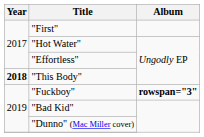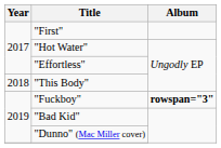 <table class="wikitable">
 <tr>
 <th>Year</th>
 <th>Title</th>
 <th>Album</th>
 </tr>
 <tr>
 <td rowspan="3">2017</td>
 <td>"First"</td>
 <td></td>
 </tr>
 <tr>
 <td>"Hot Water"</td>
 <td rowspan="3"><em>Ungodly</em> EP</td>
 </tr>
 <tr>
 <td>"Effortless"</td>
 </tr>
 <tr>
-<td><strong>2018</strong></td>
+<td>2018</td>
 <td>"This Body"</td>
 </tr>
 <tr>
 <td rowspan="3">2019</td>
 <td>"Fuckboy"</td>
 <td><strong>rowspan="3" </strong></td>
 </tr>
 <tr>
 <td>"Bad Kid"</td>
 </tr>
 <tr>
 <td>"Dunno" <small>(<a href='#'>Mac Miller</a> cover)</small></td>
 </tr>
 <tr>
 </tr>
 </table>
